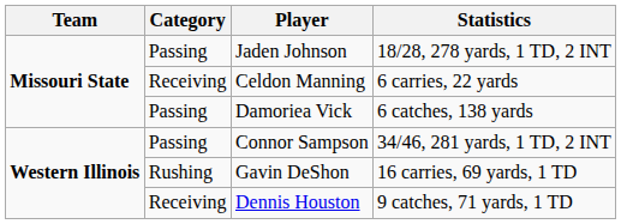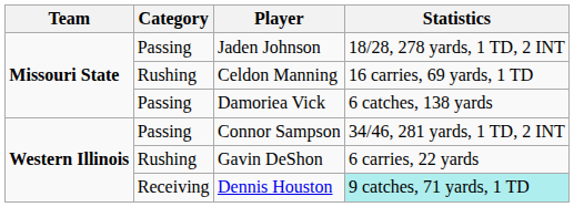 <table class="wikitable" style="float: right;">
 <tr>
 <th>Team</th>
 <th>Category</th>
 <th>Player</th>
 <th>Statistics</th>
 </tr>
 <tr>
 <td rowspan=3><strong>Missouri State</strong></td>
 <td>Passing</td>
 <td>Jaden Johnson</td>
 <td>18/28, 278 yards, 1 TD, 2 INT</td>
 </tr>
 <tr>
-<td>Receiving</td>
+<td>Rushing</td>
 <td>Celdon Manning</td>
-<td>6 carries, 22 yards</td>
+<td>16 carries, 69 yards, 1 TD</td>
 </tr>
 <tr>
 <td>Passing</td>
 <td>Damoriea Vick</td>
 <td>6 catches, 138 yards</td>
 </tr>
 <tr>
 <td rowspan=3><strong>Western Illinois</strong></td>
 <td>Passing</td>
 <td>Connor Sampson</td>
 <td>34/46, 281 yards, 1 TD, 2 INT</td>
 </tr>
 <tr>
 <td>Rushing</td>
 <td>Gavin DeShon</td>
-<td>16 carries, 69 yards, 1 TD</td>
+<td>6 carries, 22 yards</td>
 </tr>
 <tr>
 <td>Receiving</td>
 <td><a href='#'>Dennis Houston</a></td>
-<td>9 catches, 71 yards, 1 TD</td>
+<td style="background: paleturquoise;">9 catches, 71 yards, 1 TD</td>
 </tr>
 </table>
